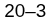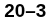 <table style="text-align:center">
 <tr>
 <th width=200></th>
 <th width=100></th>
 <th width=200></th>
 </tr>
 <tr>
 <td align=right><strong></strong></td>
-<td>20–3</td>
+<td><strong>20–3</strong></td>
 <td align=left></td>
 </tr>
 </table>
